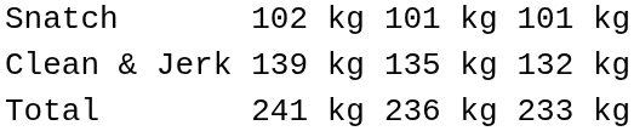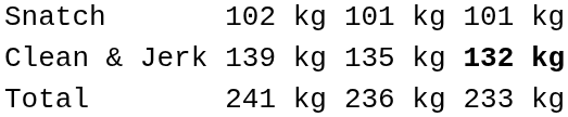 <table>
 <tr>
 <td>Snatch</td>
 <td></td>
 <td>102 kg</td>
 <td></td>
 <td>101 kg</td>
 <td></td>
 <td>101 kg</td>
 </tr>
 <tr>
 <td>Clean & Jerk</td>
 <td></td>
 <td>139 kg</td>
 <td></td>
 <td>135 kg</td>
 <td></td>
-<td>132 kg</td>
+<td><strong>132 kg</strong></td>
 </tr>
 <tr>
 <td>Total</td>
 <td></td>
 <td>241 kg</td>
 <td></td>
 <td>236 kg</td>
 <td></td>
 <td>233 kg</td>
 </tr>
 </table>
